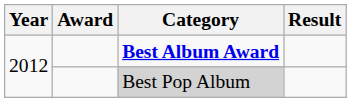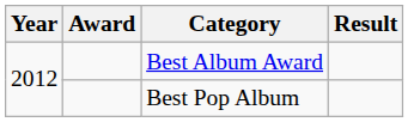 <table class="wikitable">
 <tr>
 <th>Year</th>
 <th>Award</th>
 <th>Category</th>
 <th>Result</th>
 </tr>
 <tr>
 <td rowspan="2">2012</td>
 <td></td>
-<td><strong><a href='#'>Best Album Award</a></strong></td>
+<td><a href='#'>Best Album Award</a></td>
 <td></td>
 </tr>
 <tr>
 <td></td>
-<td style="background: lightgrey;">Best Pop Album</td>
+<td>Best Pop Album</td>
 <td></td>
 </tr>
 </table>
